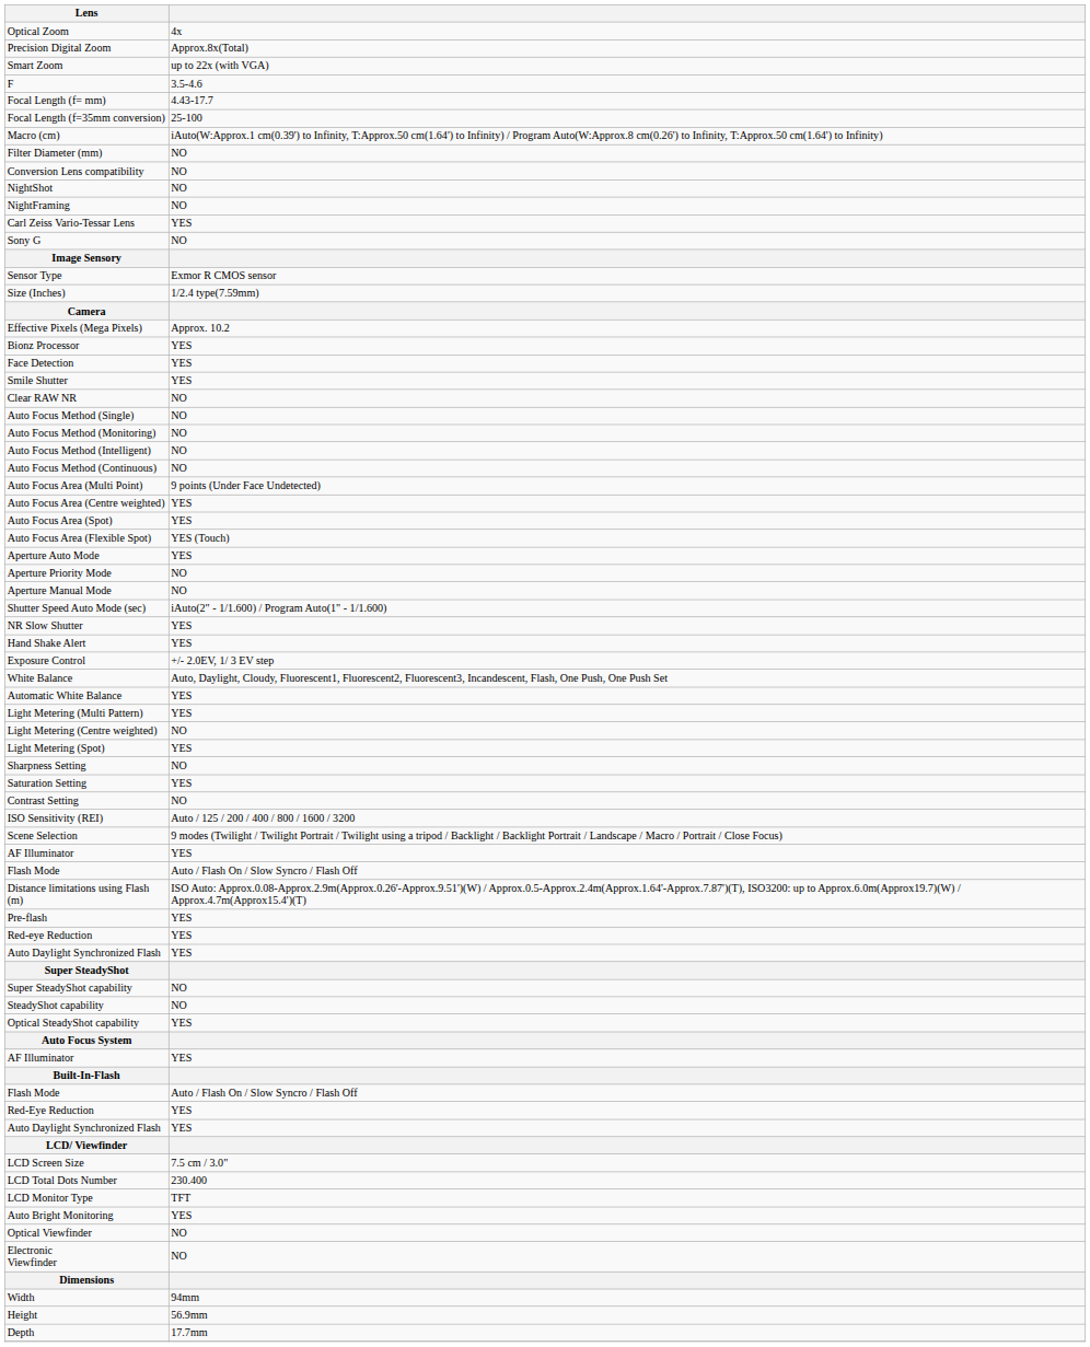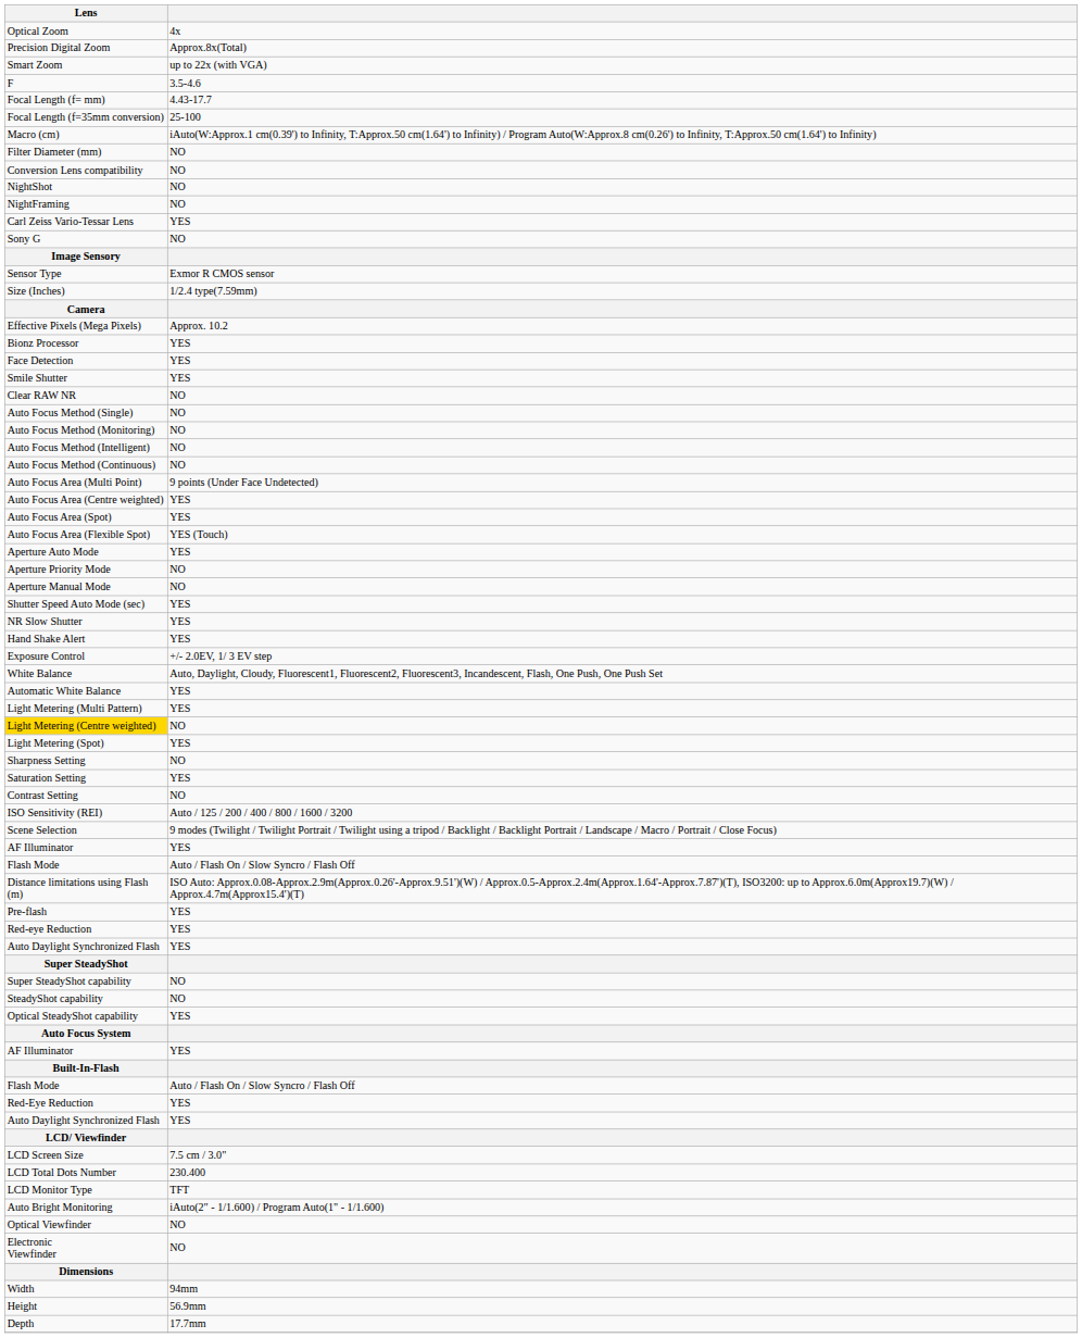 <table class="wikitable">
 <tr>
 <th>Lens</th>
 <th></th>
 </tr>
 <tr>
 <td>Optical Zoom</td>
 <td>4x</td>
 </tr>
 <tr>
 <td>Precision Digital Zoom</td>
 <td>Approx.8x(Total)</td>
 </tr>
 <tr>
 <td>Smart Zoom</td>
 <td>up to 22x (with VGA)</td>
 </tr>
 <tr>
 <td>F</td>
 <td>3.5-4.6</td>
 </tr>
 <tr>
 <td>Focal Length (f= mm)</td>
 <td>4.43-17.7</td>
 </tr>
 <tr>
 <td>Focal Length (f=35mm conversion)</td>
 <td>25-100</td>
 </tr>
 <tr>
 <td>Macro (cm)</td>
 <td>iAuto(W:Approx.1 cm(0.39') to Infinity, T:Approx.50 cm(1.64') to Infinity) / Program Auto(W:Approx.8 cm(0.26') to Infinity, T:Approx.50 cm(1.64') to Infinity)</td>
 </tr>
 <tr>
 <td>Filter Diameter (mm)</td>
 <td>NO</td>
 </tr>
 <tr>
 <td>Conversion Lens compatibility</td>
 <td>NO</td>
 </tr>
 <tr>
 <td>NightShot</td>
 <td>NO</td>
 </tr>
 <tr>
 <td>NightFraming</td>
 <td>NO</td>
 </tr>
 <tr>
 <td>Carl Zeiss Vario-Tessar Lens</td>
 <td>YES</td>
 </tr>
 <tr>
 <td>Sony G</td>
 <td>NO</td>
 </tr>
 <tr>
 <th>Image Sensory</th>
 <th></th>
 </tr>
 <tr>
 <td>Sensor Type</td>
 <td>Exmor R CMOS sensor</td>
 </tr>
 <tr>
 <td>Size (Inches)</td>
 <td>1/2.4 type(7.59mm)</td>
 </tr>
 <tr>
 <th>Camera</th>
 <th></th>
 </tr>
 <tr>
 <td>Effective Pixels (Mega Pixels)</td>
 <td>Approx. 10.2</td>
 </tr>
 <tr>
 <td>Bionz Processor</td>
 <td>YES</td>
 </tr>
 <tr>
 <td>Face Detection</td>
 <td>YES</td>
 </tr>
 <tr>
 <td>Smile Shutter</td>
 <td>YES</td>
 </tr>
 <tr>
 <td>Clear RAW NR</td>
 <td>NO</td>
 </tr>
 <tr>
 <td>Auto Focus Method (Single)</td>
 <td>NO</td>
 </tr>
 <tr>
 <td>Auto Focus Method (Monitoring)</td>
 <td>NO</td>
 </tr>
 <tr>
 <td>Auto Focus Method (Intelligent)</td>
 <td>NO</td>
 </tr>
 <tr>
 <td>Auto Focus Method (Continuous)</td>
 <td>NO</td>
 </tr>
 <tr>
 <td>Auto Focus Area (Multi Point)</td>
 <td>9 points (Under Face Undetected)</td>
 </tr>
 <tr>
 <td>Auto Focus Area (Centre weighted)</td>
 <td>YES</td>
 </tr>
 <tr>
 <td>Auto Focus Area (Spot)</td>
 <td>YES</td>
 </tr>
 <tr>
 <td>Auto Focus Area (Flexible Spot)</td>
 <td>YES (Touch)</td>
 </tr>
 <tr>
 <td>Aperture Auto Mode</td>
 <td>YES</td>
 </tr>
 <tr>
 <td>Aperture Priority Mode</td>
 <td>NO</td>
 </tr>
 <tr>
 <td>Aperture Manual Mode</td>
 <td>NO</td>
 </tr>
 <tr>
 <td>Shutter Speed Auto Mode (sec)</td>
-<td>iAuto(2" - 1/1.600) / Program Auto(1" - 1/1.600)</td>
+<td>YES</td>
 </tr>
 <tr>
 <td>NR Slow Shutter</td>
 <td>YES</td>
 </tr>
 <tr>
 <td>Hand Shake Alert</td>
 <td>YES</td>
 </tr>
 <tr>
 <td>Exposure Control</td>
 <td>+/- 2.0EV, 1/ 3 EV step</td>
 </tr>
 <tr>
 <td>White Balance</td>
 <td>Auto, Daylight, Cloudy, Fluorescent1, Fluorescent2, Fluorescent3, Incandescent, Flash, One Push, One Push Set</td>
 </tr>
 <tr>
 <td>Automatic White Balance</td>
 <td>YES</td>
 </tr>
 <tr>
 <td>Light Metering (Multi Pattern)</td>
 <td>YES</td>
 </tr>
 <tr>
-<td>Light Metering (Centre weighted)</td>
+<td style="background: gold;">Light Metering (Centre weighted)</td>
 <td>NO</td>
 </tr>
 <tr>
 <td>Light Metering (Spot)</td>
 <td>YES</td>
 </tr>
 <tr>
 <td>Sharpness Setting</td>
 <td>NO</td>
 </tr>
 <tr>
 <td>Saturation Setting</td>
 <td>YES</td>
 </tr>
 <tr>
 <td>Contrast Setting</td>
 <td>NO</td>
 </tr>
 <tr>
 <td>ISO Sensitivity (REI)</td>
 <td>Auto / 125 / 200 / 400 / 800 / 1600 / 3200</td>
 </tr>
 <tr>
 <td>Scene Selection</td>
 <td>9 modes (Twilight / Twilight Portrait / Twilight using a tripod / Backlight / Backlight Portrait / Landscape / Macro / Portrait / Close Focus)</td>
 </tr>
 <tr>
 <td>AF Illuminator</td>
 <td>YES</td>
 </tr>
 <tr>
 <td>Flash Mode</td>
 <td>Auto / Flash On / Slow Syncro / Flash Off</td>
 </tr>
 <tr>
 <td>Distance limitations using Flash (m)</td>
 <td>ISO Auto: Approx.0.08-Approx.2.9m(Approx.0.26'-Approx.9.51')(W) / Approx.0.5-Approx.2.4m(Approx.1.64'-Approx.7.87')(T), ISO3200: up to Approx.6.0m(Approx19.7)(W) / Approx.4.7m(Approx15.4')(T)</td>
 </tr>
 <tr>
 <td>Pre-flash</td>
 <td>YES</td>
 </tr>
 <tr>
 <td>Red-eye Reduction</td>
 <td>YES</td>
 </tr>
 <tr>
 <td>Auto Daylight Synchronized Flash</td>
 <td>YES</td>
 </tr>
 <tr>
 <th>Super SteadyShot</th>
 <th></th>
 </tr>
 <tr>
 <td>Super SteadyShot capability</td>
 <td>NO</td>
 </tr>
 <tr>
 <td>SteadyShot capability</td>
 <td>NO</td>
 </tr>
 <tr>
 <td>Optical SteadyShot capability</td>
 <td>YES</td>
 </tr>
 <tr>
 <th>Auto Focus System</th>
 <th></th>
 </tr>
 <tr>
 <td>AF Illuminator</td>
 <td>YES</td>
 </tr>
 <tr>
 <th>Built-In-Flash</th>
 <th></th>
 </tr>
 <tr>
 <td>Flash Mode</td>
 <td>Auto / Flash On / Slow Syncro / Flash Off</td>
 </tr>
 <tr>
 <td>Red-Eye Reduction</td>
 <td>YES</td>
 </tr>
 <tr>
 <td>Auto Daylight Synchronized Flash</td>
 <td>YES</td>
 </tr>
 <tr>
 <th>LCD/ Viewfinder</th>
 <th></th>
 </tr>
 <tr>
 <td>LCD Screen Size</td>
 <td>7.5 cm / 3.0"</td>
 </tr>
 <tr>
 <td>LCD Total Dots Number</td>
 <td>230.400</td>
 </tr>
 <tr>
 <td>LCD Monitor Type</td>
 <td>TFT</td>
 </tr>
 <tr>
 <td>Auto Bright Monitoring</td>
-<td>YES</td>
+<td>iAuto(2" - 1/1.600) / Program Auto(1" - 1/1.600)</td>
 </tr>
 <tr>
 <td>Optical Viewfinder</td>
 <td>NO</td>
 </tr>
 <tr>
 <td>Electronic<br>Viewfinder</td>
 <td>NO</td>
 </tr>
 <tr>
 <th>Dimensions</th>
 <th></th>
 </tr>
 <tr>
 <td>Width</td>
 <td>94mm</td>
 </tr>
 <tr>
 <td>Height</td>
 <td>56.9mm</td>
 </tr>
 <tr>
 <td>Depth</td>
 <td>17.7mm</td>
 </tr>
 <tr>
 </tr>
 </table>
